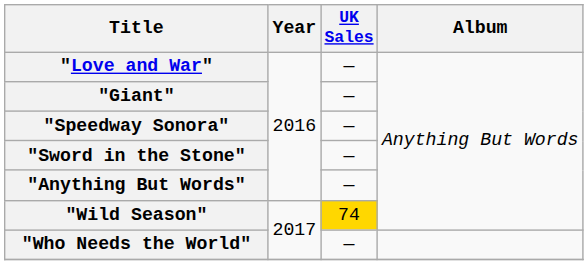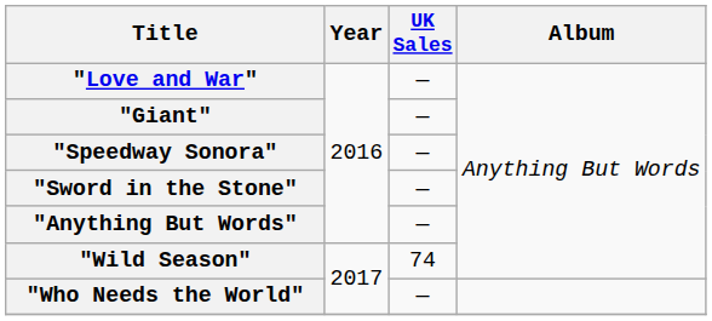 <table class="wikitable plainrowheaders" style="text-align:center;">
 <tr>
 <th scope="col" style="width:14em;">Title</th>
 <th scope="col">Year</th>
 <th scope="col" style="width:3em;font-size:90%;"><a href='#'>UK<br>Sales</a><br></th>
 <th scope="col">Album</th>
 </tr>
 <tr>
 <th scope="row">"<a href='#'>Love and War</a>"<br></th>
 <td rowspan="5">2016</td>
 <td>—</td>
 <td rowspan="6"><em>Anything But Words</em></td>
 </tr>
 <tr>
 <th scope="row">"Giant"</th>
 <td>—</td>
 </tr>
 <tr>
 <th scope="row">"Speedway Sonora"</th>
 <td>—</td>
 </tr>
 <tr>
 <th scope="row">"Sword in the Stone"<br></th>
 <td>—</td>
 </tr>
 <tr>
 <th scope="row">"Anything But Words"</th>
 <td>—</td>
 </tr>
 <tr>
 <th scope="row">"Wild Season"<br></th>
 <td rowspan="2">2017</td>
-<td style="background: gold;">74</td>
+<td>74</td>
 </tr>
 <tr>
 <th scope="row">"Who Needs the World"</th>
 <td>—</td>
 <td></td>
 </tr>
 <tr>
 </tr>
 </table>
